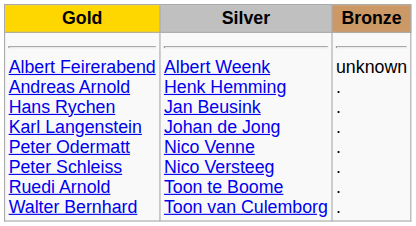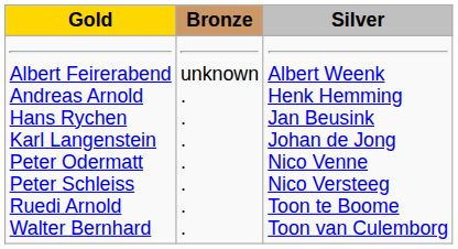 <table class="wikitable">
 <tr>
 <td style="text-align:center;background-color:gold;"><strong>Gold</strong></td>
+<td style="text-align:center;background-color:#CC9966;"><strong>Bronze</strong></td>
 <td style="text-align:center;background-color:silver;"><strong>Silver</strong></td>
-<td style="text-align:center;background-color:#CC9966;"><strong>Bronze</strong></td>
 </tr>
 <tr>
 <td><hr><a href='#'>Albert Feirerabend</a><br><a href='#'>Andreas Arnold</a><br><a href='#'>Hans Rychen</a><br><a href='#'>Karl Langenstein</a><br><a href='#'>Peter Odermatt</a><br><a href='#'>Peter Schleiss</a><br><a href='#'>Ruedi Arnold</a><br><a href='#'>Walter Bernhard</a></td>
+<td><hr>unknown<br>.<br>.<br>.<br>.<br>.<br>.<br>.<br></td>
 <td><hr><a href='#'>Albert Weenk</a><br><a href='#'>Henk Hemming</a><br><a href='#'>Jan Beusink</a><br><a href='#'>Johan de Jong</a><br><a href='#'>Nico Venne</a><br><a href='#'>Nico Versteeg</a><br><a href='#'>Toon te Boome</a><br><a href='#'>Toon van Culemborg</a><br></td>
-<td><hr>unknown<br>.<br>.<br>.<br>.<br>.<br>.<br>.<br></td>
 </tr>
 </table>
